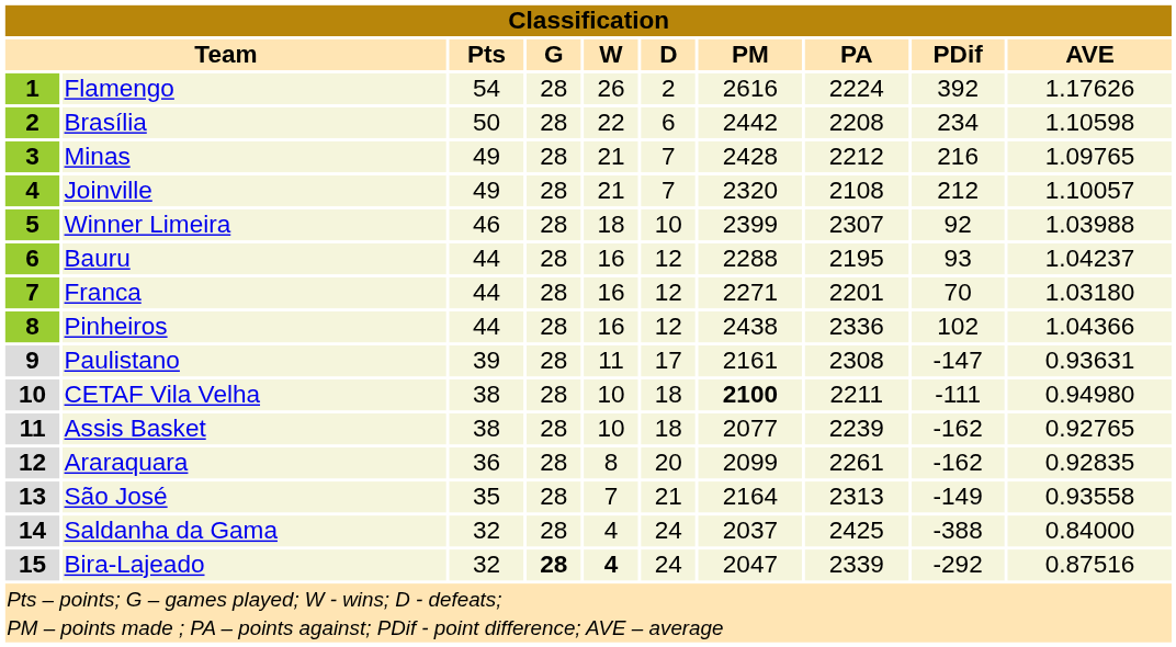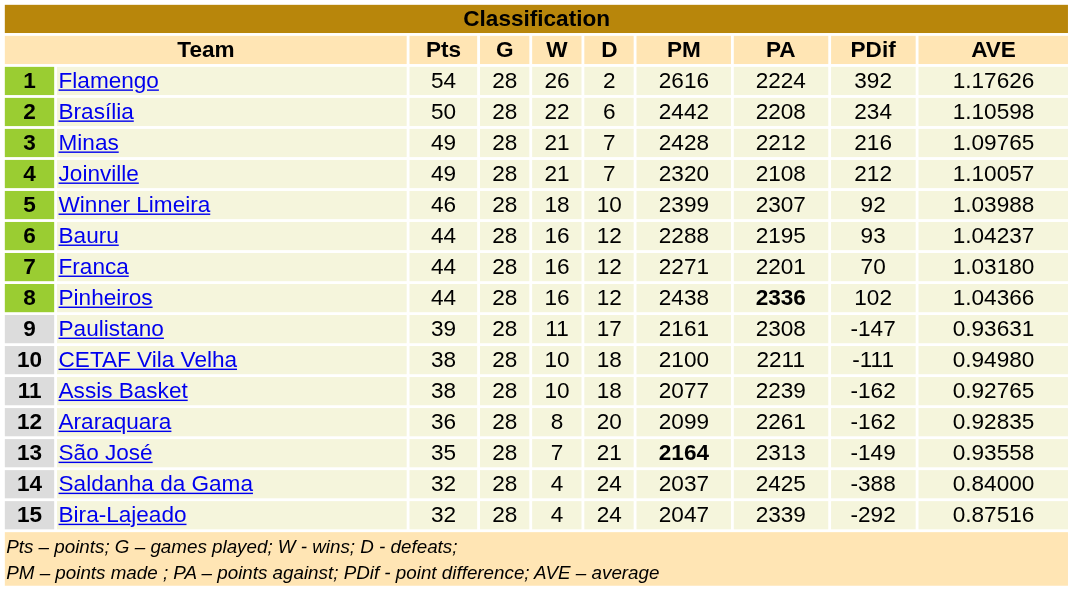 <table width=60%>
 <tr>
 <th colspan="10" bgcolor=#B8860B><span>Classification</span></th>
 </tr>
 <tr>
 <th colspan="2" bgcolor=#ffe5b4><span>Team</span></th>
 <th bgcolor=#ffe5b4 align="center"><span>Pts</span></th>
 <th bgcolor=#ffe5b4 align="center"><span>G</span></th>
 <th bgcolor=#ffe5b4 align="center"><span>W</span></th>
 <th bgcolor=#ffe5b4 align="center"><span>D</span></th>
 <th bgcolor=#ffe5b4 align="center"><span>PM</span></th>
 <th bgcolor=#ffe5b4 align="center"><span>PA</span></th>
 <th bgcolor=#ffe5b4 align="center"><span>PDif</span></th>
 <th bgcolor=#ffe5b4 align="center"><span>AVE</span></th>
 </tr>
 <tr>
 <th bgcolor=#9ACD32 align="center"><span>1</span></th>
 <td bgcolor=#f5f5dc><a href='#'>Flamengo</a></td>
 <td bgcolor=#f5f5dc align="center">54</td>
 <td bgcolor=#f5f5dc align="center">28</td>
 <td bgcolor=#f5f5dc align="center">26</td>
 <td bgcolor=#f5f5dc align="center">2</td>
 <td bgcolor=#f5f5dc align="center">2616</td>
 <td bgcolor=#f5f5dc align="center">2224</td>
 <td bgcolor=#f5f5dc align="center">392</td>
 <td bgcolor=#f5f5dc align="center">1.17626</td>
 </tr>
 <tr>
 <th bgcolor=#9ACD32 align="center"><span>2</span></th>
 <td bgcolor=#f5f5dc><a href='#'>Brasília</a></td>
 <td bgcolor=#f5f5dc align="center">50</td>
 <td bgcolor=#f5f5dc align="center">28</td>
 <td bgcolor=#f5f5dc align="center">22</td>
 <td bgcolor=#f5f5dc align="center">6</td>
 <td bgcolor=#f5f5dc align="center">2442</td>
 <td bgcolor=#f5f5dc align="center">2208</td>
 <td bgcolor=#f5f5dc align="center">234</td>
 <td bgcolor=#f5f5dc align="center">1.10598</td>
 </tr>
 <tr>
 <th bgcolor=#9ACD32 align="center"><span>3</span></th>
 <td bgcolor=#f5f5dc><a href='#'>Minas</a></td>
 <td bgcolor=#f5f5dc align="center">49</td>
 <td bgcolor=#f5f5dc align="center">28</td>
 <td bgcolor=#f5f5dc align="center">21</td>
 <td bgcolor=#f5f5dc align="center">7</td>
 <td bgcolor=#f5f5dc align="center">2428</td>
 <td bgcolor=#f5f5dc align="center">2212</td>
 <td bgcolor=#f5f5dc align="center">216</td>
 <td bgcolor=#f5f5dc align="center">1.09765</td>
 </tr>
 <tr>
 <th bgcolor=#9ACD32 align="center"><span>4</span></th>
 <td bgcolor=#f5f5dc><a href='#'>Joinville</a></td>
 <td bgcolor=#f5f5dc align="center">49</td>
 <td bgcolor=#f5f5dc align="center">28</td>
 <td bgcolor=#f5f5dc align="center">21</td>
 <td bgcolor=#f5f5dc align="center">7</td>
 <td bgcolor=#f5f5dc align="center">2320</td>
 <td bgcolor=#f5f5dc align="center">2108</td>
 <td bgcolor=#f5f5dc align="center">212</td>
 <td bgcolor=#f5f5dc align="center">1.10057</td>
 </tr>
 <tr>
 <th bgcolor=#9acd32 align="center"><span>5</span></th>
 <td bgcolor=#f5f5dc><a href='#'>Winner Limeira</a></td>
 <td bgcolor=#f5f5dc align="center">46</td>
 <td bgcolor=#f5f5dc align="center">28</td>
 <td bgcolor=#f5f5dc align="center">18</td>
 <td bgcolor=#f5f5dc align="center">10</td>
 <td bgcolor=#f5f5dc align="center">2399</td>
 <td bgcolor=#f5f5dc align="center">2307</td>
 <td bgcolor=#f5f5dc align="center">92</td>
 <td bgcolor=#f5f5dc align="center">1.03988</td>
 </tr>
 <tr>
 <th bgcolor=#9ACD32 align="center"><span>6</span></th>
 <td bgcolor=#f5f5dc><a href='#'>Bauru</a></td>
 <td bgcolor=#f5f5dc align="center">44</td>
 <td bgcolor=#f5f5dc align="center">28</td>
 <td bgcolor=#f5f5dc align="center">16</td>
 <td bgcolor=#f5f5dc align="center">12</td>
 <td bgcolor=#f5f5dc align="center">2288</td>
 <td bgcolor=#f5f5dc align="center">2195</td>
 <td bgcolor=#f5f5dc align="center">93</td>
 <td bgcolor=#f5f5dc align="center">1.04237</td>
 </tr>
 <tr>
 <th bgcolor=#9ACD32 align="center"><span>7</span></th>
 <td bgcolor=#f5f5dc><a href='#'>Franca</a></td>
 <td bgcolor=#f5f5dc align="center">44</td>
 <td bgcolor=#f5f5dc align="center">28</td>
 <td bgcolor=#f5f5dc align="center">16</td>
 <td bgcolor=#f5f5dc align="center">12</td>
 <td bgcolor=#f5f5dc align="center">2271</td>
 <td bgcolor=#f5f5dc align="center">2201</td>
 <td bgcolor=#f5f5dc align="center">70</td>
 <td bgcolor=#f5f5dc align="center">1.03180</td>
 </tr>
 <tr>
 <th bgcolor=#9ACD32 align="center"><span>8</span></th>
 <td bgcolor=#f5f5dc><a href='#'>Pinheiros</a></td>
 <td bgcolor=#f5f5dc align="center">44</td>
 <td bgcolor=#f5f5dc align="center">28</td>
 <td bgcolor=#f5f5dc align="center">16</td>
 <td bgcolor=#f5f5dc align="center">12</td>
 <td bgcolor=#f5f5dc align="center">2438</td>
-<td bgcolor=#f5f5dc align="center">2336</td>
+<td bgcolor=#f5f5dc align="center"><strong>2336</strong></td>
 <td bgcolor=#f5f5dc align="center">102</td>
 <td bgcolor=#f5f5dc align="center">1.04366</td>
 </tr>
 <tr>
 <th bgcolor=#DCDCDC align="center"><span>9</span></th>
 <td bgcolor=#f5f5dc><a href='#'>Paulistano</a></td>
 <td bgcolor=#f5f5dc align="center">39</td>
 <td bgcolor=#f5f5dc align="center">28</td>
 <td bgcolor=#f5f5dc align="center">11</td>
 <td bgcolor=#f5f5dc align="center">17</td>
 <td bgcolor=#f5f5dc align="center">2161</td>
 <td bgcolor=#f5f5dc align="center">2308</td>
 <td bgcolor=#f5f5dc align="center">-147</td>
 <td bgcolor=#f5f5dc align="center">0.93631</td>
 </tr>
 <tr>
 <th bgcolor=#DCDCDC align="center"><span>10</span></th>
 <td bgcolor=#f5f5dc><a href='#'>CETAF Vila Velha</a></td>
 <td bgcolor=#f5f5dc align="center">38</td>
 <td bgcolor=#f5f5dc align="center">28</td>
 <td bgcolor=#f5f5dc align="center">10</td>
 <td bgcolor=#f5f5dc align="center">18</td>
-<td bgcolor=#f5f5dc align="center"><strong>2100</strong></td>
+<td bgcolor=#f5f5dc align="center">2100</td>
 <td bgcolor=#f5f5dc align="center">2211</td>
 <td bgcolor=#f5f5dc align="center">-111</td>
 <td bgcolor=#f5f5dc align="center">0.94980</td>
 </tr>
 <tr>
 <th bgcolor=#DCDCDC align="center"><span>11</span></th>
 <td bgcolor=#f5f5dc><a href='#'>Assis Basket</a></td>
 <td bgcolor=#f5f5dc align="center">38</td>
 <td bgcolor=#f5f5dc align="center">28</td>
 <td bgcolor=#f5f5dc align="center">10</td>
 <td bgcolor=#f5f5dc align="center">18</td>
 <td bgcolor=#f5f5dc align="center">2077</td>
 <td bgcolor=#f5f5dc align="center">2239</td>
 <td bgcolor=#f5f5dc align="center">-162</td>
 <td bgcolor=#f5f5dc align="center">0.92765</td>
 </tr>
 <tr>
 <th bgcolor=#DCDCDC align="center"><span>12</span></th>
 <td bgcolor=#f5f5dc><a href='#'>Araraquara</a></td>
 <td bgcolor=#f5f5dc align="center">36</td>
 <td bgcolor=#f5f5dc align="center">28</td>
 <td bgcolor=#f5f5dc align="center">8</td>
 <td bgcolor=#f5f5dc align="center">20</td>
 <td bgcolor=#f5f5dc align="center">2099</td>
 <td bgcolor=#f5f5dc align="center">2261</td>
 <td bgcolor=#f5f5dc align="center">-162</td>
 <td bgcolor=#f5f5dc align="center">0.92835</td>
 </tr>
 <tr>
 <th bgcolor=#DCDCDC align="center"><span>13</span></th>
 <td bgcolor=#f5f5dc><a href='#'>São José</a></td>
 <td bgcolor=#f5f5dc align="center">35</td>
 <td bgcolor=#f5f5dc align="center">28</td>
 <td bgcolor=#f5f5dc align="center">7</td>
 <td bgcolor=#f5f5dc align="center">21</td>
-<td bgcolor=#f5f5dc align="center">2164</td>
+<td bgcolor=#f5f5dc align="center"><strong>2164</strong></td>
 <td bgcolor=#f5f5dc align="center">2313</td>
 <td bgcolor=#f5f5dc align="center">-149</td>
 <td bgcolor=#f5f5dc align="center">0.93558</td>
 </tr>
 <tr>
 <th bgcolor=#DCDCDC align="center"><span>14</span></th>
 <td bgcolor=#f5f5dc><a href='#'>Saldanha da Gama</a></td>
 <td bgcolor=#f5f5dc align="center">32</td>
 <td bgcolor=#f5f5dc align="center">28</td>
 <td bgcolor=#f5f5dc align="center">4</td>
 <td bgcolor=#f5f5dc align="center">24</td>
 <td bgcolor=#f5f5dc align="center">2037</td>
 <td bgcolor=#f5f5dc align="center">2425</td>
 <td bgcolor=#f5f5dc align="center">-388</td>
 <td bgcolor=#f5f5dc align="center">0.84000</td>
 </tr>
 <tr>
 <th bgcolor=#DCDCDC align="center"><span>15</span></th>
 <td bgcolor=#f5f5dc><a href='#'>Bira-Lajeado</a></td>
 <td bgcolor=#f5f5dc align="center">32</td>
-<td bgcolor=#f5f5dc align="center"><strong>28</strong></td>
-<td bgcolor=#f5f5dc align="center"><strong>4</strong></td>
+<td bgcolor=#f5f5dc align="center">28</td>
+<td bgcolor=#f5f5dc align="center">4</td>
 <td bgcolor=#f5f5dc align="center">24</td>
 <td bgcolor=#f5f5dc align="center">2047</td>
 <td bgcolor=#f5f5dc align="center">2339</td>
 <td bgcolor=#f5f5dc align="center">-292</td>
 <td bgcolor=#f5f5dc align="center">0.87516</td>
 </tr>
 <tr bgcolor=#ffe5b4>
 <td colspan="11"><small><em>Pts – points; G – games played; W - wins; D - defeats;</em></small><br> <small><em>PM – points made ; PA – points against; PDif - point difference; AVE – average</em></small></td>
 </tr>
 </table>
